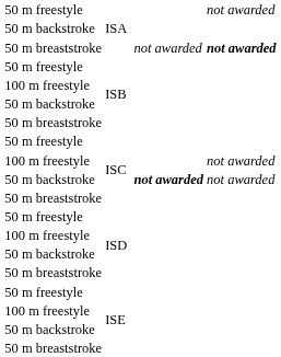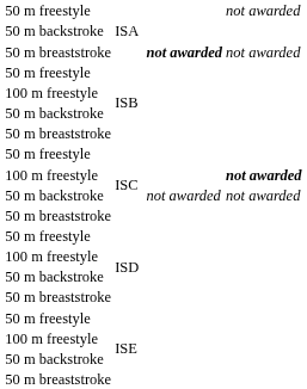 <table>
 <tr>
 <td>50 m freestyle</td>
 <td rowspan=3>ISA</td>
 <td></td>
 <td></td>
 <td><em>not awarded</em></td>
 </tr>
 <tr>
 <td>50 m backstroke</td>
 <td></td>
 <td></td>
 <td></td>
 </tr>
 <tr>
 <td>50 m breaststroke</td>
 <td></td>
+<td><strong><em>not awarded</em></strong></td>
 <td><em>not awarded</em></td>
-<td><strong><em>not awarded</em></strong></td>
 </tr>
 <tr>
 <td>50 m freestyle</td>
 <td rowspan=4>ISB</td>
 <td></td>
 <td></td>
 <td></td>
 </tr>
 <tr>
 <td>100 m freestyle</td>
 <td></td>
 <td></td>
 <td></td>
 </tr>
 <tr>
 <td>50 m backstroke</td>
 <td></td>
 <td></td>
 <td></td>
 </tr>
 <tr>
 <td>50 m breaststroke</td>
 <td></td>
 <td></td>
 <td></td>
 </tr>
 <tr>
 <td>50 m freestyle</td>
 <td rowspan=4>ISC</td>
 <td></td>
 <td></td>
 <td></td>
 </tr>
 <tr>
 <td>100 m freestyle</td>
 <td></td>
 <td></td>
-<td><em>not awarded</em></td>
+<td><strong><em>not awarded</em></strong></td>
 </tr>
 <tr>
 <td>50 m backstroke</td>
 <td></td>
-<td><strong><em>not awarded</em></strong></td>
+<td><em>not awarded</em></td>
 <td><em>not awarded</em></td>
 </tr>
 <tr>
 <td>50 m breaststroke</td>
 <td></td>
 <td></td>
 <td></td>
 </tr>
 <tr>
 <td>50 m freestyle</td>
 <td rowspan=4>ISD</td>
 <td></td>
 <td></td>
 <td></td>
 </tr>
 <tr>
 <td>100 m freestyle</td>
 <td></td>
 <td></td>
 <td></td>
 </tr>
 <tr>
 <td>50 m backstroke</td>
 <td></td>
 <td></td>
 <td></td>
 </tr>
 <tr>
 <td>50 m breaststroke</td>
 <td></td>
 <td></td>
 <td></td>
 </tr>
 <tr>
 <td>50 m freestyle</td>
 <td rowspan=4>ISE</td>
 <td></td>
 <td></td>
 <td></td>
 </tr>
 <tr>
 <td>100 m freestyle</td>
 <td></td>
 <td></td>
 <td></td>
 </tr>
 <tr>
 <td>50 m backstroke</td>
 <td></td>
 <td></td>
 <td></td>
 </tr>
 <tr>
 <td>50 m breaststroke</td>
 <td></td>
 <td></td>
 <td></td>
 </tr>
 </table>
